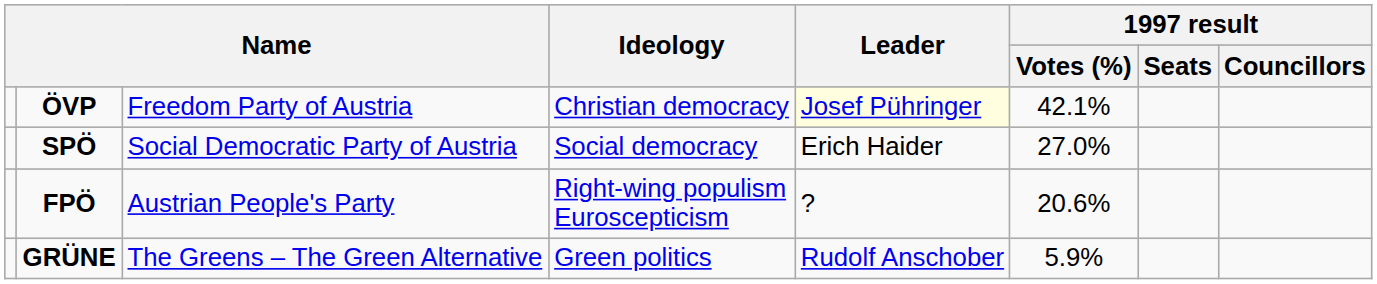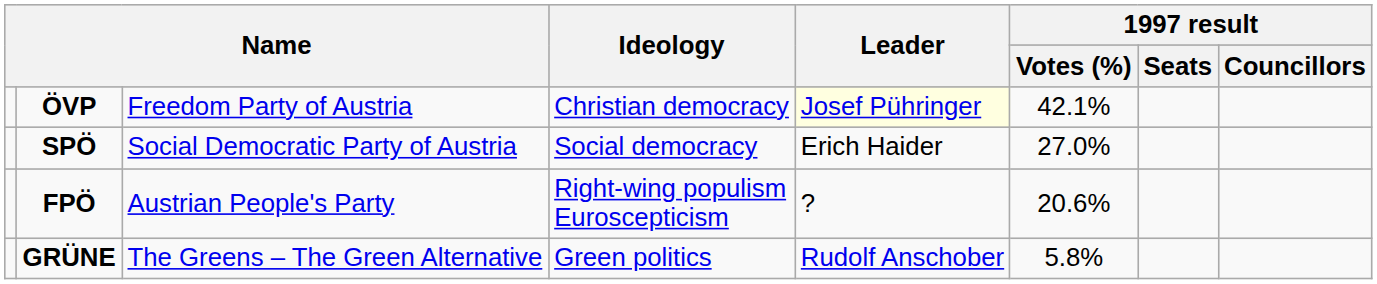 <table class="wikitable">
 <tr>
 <th rowspan="2" colspan="3">Name</th>
 <th rowspan="2">Ideology</th>
 <th rowspan="2">Leader</th>
 <th colspan="3">1997 result</th>
 </tr>
 <tr>
 <th>Votes (%)</th>
 <th>Seats</th>
 <th>Councillors</th>
 </tr>
 <tr>
 <td style="background:"></td>
 <td style="text-align:center;"><strong>ÖVP</strong></td>
 <td><a href='#'>Freedom Party of Austria</a><br></td>
 <td><a href='#'>Christian democracy</a></td>
 <td style="background: lightyellow;"><a href='#'>Josef Pühringer</a></td>
 <td style="text-align:center;">42.1%</td>
 <td></td>
 <td></td>
 </tr>
 <tr>
 <td style="background:"></td>
 <td style="text-align:center;"><strong>SPÖ</strong></td>
 <td><a href='#'>Social Democratic Party of Austria</a><br></td>
 <td><a href='#'>Social democracy</a></td>
 <td>Erich Haider</td>
 <td style="text-align:center;">27.0%</td>
 <td></td>
 <td></td>
 </tr>
 <tr>
 <td style="background:"></td>
 <td style="text-align:center;"><strong>FPÖ</strong></td>
 <td><a href='#'>Austrian People's Party</a><br></td>
 <td><a href='#'>Right-wing populism</a><br><a href='#'>Euroscepticism</a></td>
 <td>?</td>
 <td style="text-align:center;">20.6%</td>
 <td></td>
 <td></td>
 </tr>
 <tr>
 <td style="background:"></td>
 <td style="text-align:center;"><strong>GRÜNE</strong></td>
 <td><a href='#'>The Greens – The Green Alternative</a><br></td>
 <td><a href='#'>Green politics</a></td>
 <td><a href='#'>Rudolf Anschober</a></td>
-<td style="text-align:center;">5.9%</td>
+<td style="text-align:center;">5.8%</td>
 <td></td>
 </tr>
 </table>
